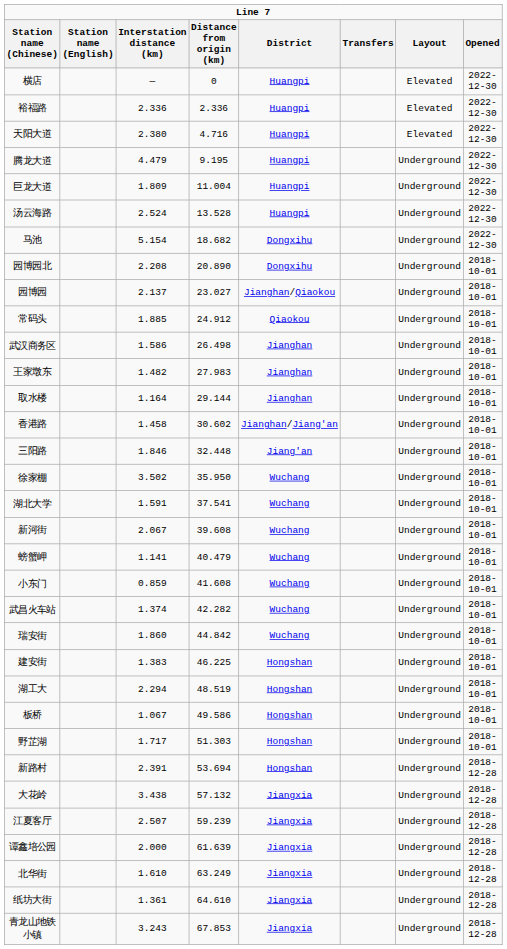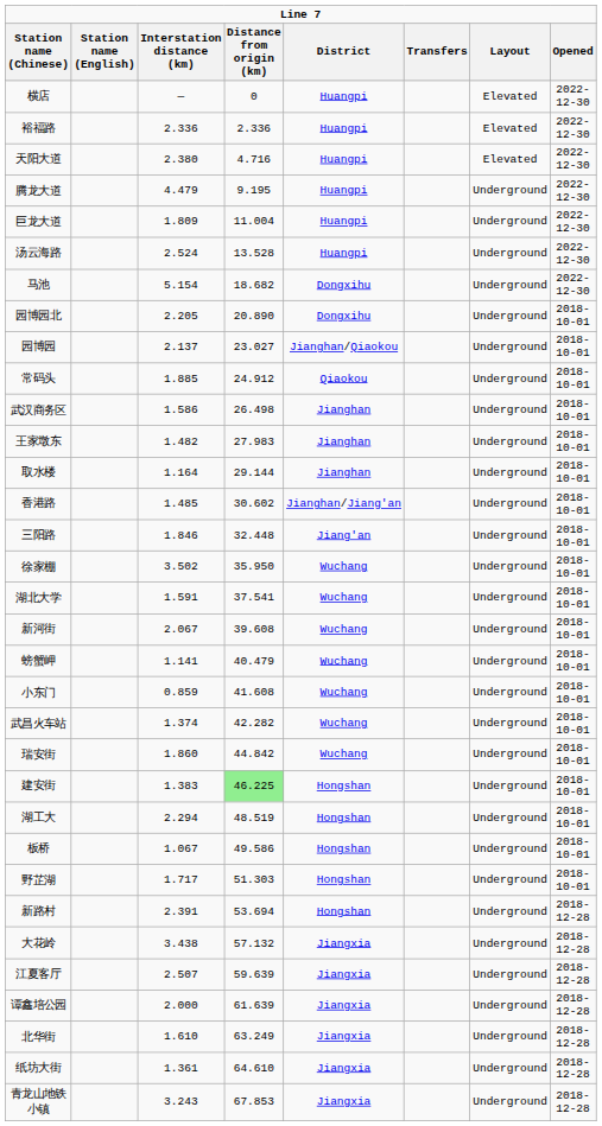 <table class="wikitable" style="width:100%; text-align: center;">
 <tr>
 <td align=center colspan=10><span><strong>Line 7</strong></span></td>
 </tr>
 <tr bgcolor="#CCCCCC">
 <th>Station name<br>(Chinese)</th>
 <th>Station name<br>(English)</th>
 <th>Interstation<br>distance (km)</th>
 <th>Distance<br>from origin (km)</th>
 <th>District</th>
 <th>Transfers</th>
 <th>Layout</th>
 <th>Opened</th>
 </tr>
 <tr>
 <td>横店</td>
 <td></td>
 <td>—</td>
 <td>0</td>
 <td><a href='#'>Huangpi</a></td>
 <td></td>
 <td>Elevated</td>
 <td>2022-12-30</td>
 </tr>
 <tr>
 <td>裕福路</td>
 <td></td>
 <td>2.336</td>
 <td>2.336</td>
 <td><a href='#'>Huangpi</a></td>
 <td></td>
 <td>Elevated</td>
 <td>2022-12-30</td>
 </tr>
 <tr>
 <td>天阳大道</td>
 <td></td>
 <td>2.380</td>
 <td>4.716</td>
 <td><a href='#'>Huangpi</a></td>
 <td></td>
 <td>Elevated</td>
 <td>2022-12-30</td>
 </tr>
 <tr>
 <td>腾龙大道</td>
 <td></td>
 <td>4.479</td>
 <td>9.195</td>
 <td><a href='#'>Huangpi</a></td>
 <td></td>
 <td>Underground</td>
 <td>2022-12-30</td>
 </tr>
 <tr>
 <td>巨龙大道</td>
 <td></td>
 <td>1.809</td>
 <td>11.004</td>
 <td><a href='#'>Huangpi</a></td>
 <td></td>
 <td>Underground</td>
 <td>2022-12-30</td>
 </tr>
 <tr>
 <td>汤云海路</td>
 <td></td>
 <td>2.524</td>
 <td>13.528</td>
 <td><a href='#'>Huangpi</a></td>
 <td></td>
 <td>Underground</td>
 <td>2022-12-30</td>
 </tr>
 <tr>
 <td>马池</td>
 <td></td>
 <td>5.154</td>
 <td>18.682</td>
 <td><a href='#'>Dongxihu</a></td>
 <td></td>
 <td>Underground</td>
 <td>2022-12-30</td>
 </tr>
 <tr>
 <td>园博园北</td>
 <td></td>
-<td>2.208</td>
+<td>2.205</td>
 <td>20.890</td>
 <td><a href='#'>Dongxihu</a></td>
 <td></td>
 <td>Underground</td>
 <td>2018-10-01</td>
 </tr>
 <tr>
 <td>园博园</td>
 <td></td>
 <td>2.137</td>
 <td>23.027</td>
 <td><a href='#'>Jianghan</a>/<a href='#'>Qiaokou</a></td>
 <td></td>
 <td>Underground</td>
 <td>2018-10-01</td>
 </tr>
 <tr>
 <td>常码头</td>
 <td></td>
 <td>1.885</td>
 <td>24.912</td>
 <td><a href='#'>Qiaokou</a></td>
 <td></td>
 <td>Underground</td>
 <td>2018-10-01</td>
 </tr>
 <tr>
 <td>武汉商务区</td>
 <td></td>
 <td>1.586</td>
 <td>26.498</td>
 <td><a href='#'>Jianghan</a></td>
 <td></td>
 <td>Underground</td>
 <td>2018-10-01</td>
 </tr>
 <tr>
 <td>王家墩东</td>
 <td></td>
 <td>1.482</td>
 <td>27.983</td>
 <td><a href='#'>Jianghan</a></td>
 <td></td>
 <td>Underground</td>
 <td>2018-10-01</td>
 </tr>
 <tr>
 <td>取水楼</td>
 <td></td>
 <td>1.164</td>
 <td>29.144</td>
 <td><a href='#'>Jianghan</a></td>
 <td></td>
 <td>Underground</td>
 <td>2018-10-01</td>
 </tr>
 <tr>
 <td>香港路</td>
 <td></td>
-<td>1.458</td>
+<td>1.485</td>
 <td>30.602</td>
 <td><a href='#'>Jianghan</a>/<a href='#'>Jiang'an</a></td>
 <td> </td>
 <td>Underground</td>
 <td>2018-10-01</td>
 </tr>
 <tr>
 <td>三阳路</td>
 <td></td>
 <td>1.846</td>
 <td>32.448</td>
 <td><a href='#'>Jiang'an</a></td>
 <td></td>
 <td>Underground</td>
 <td>2018-10-01</td>
 </tr>
 <tr>
 <td>徐家棚</td>
 <td></td>
 <td>3.502</td>
 <td>35.950</td>
 <td><a href='#'>Wuchang</a></td>
 <td> </td>
 <td>Underground</td>
 <td>2018-10-01</td>
 </tr>
 <tr>
 <td>湖北大学</td>
 <td></td>
 <td>1.591</td>
 <td>37.541</td>
 <td><a href='#'>Wuchang</a></td>
 <td></td>
 <td>Underground</td>
 <td>2018-10-01</td>
 </tr>
 <tr>
 <td>新河街</td>
 <td></td>
 <td>2.067</td>
 <td>39.608</td>
 <td><a href='#'>Wuchang</a></td>
 <td></td>
 <td>Underground</td>
 <td>2018-10-01</td>
 </tr>
 <tr>
 <td>螃蟹岬</td>
 <td></td>
 <td>1.141</td>
 <td>40.479</td>
 <td><a href='#'>Wuchang</a></td>
 <td></td>
 <td>Underground</td>
 <td>2018-10-01</td>
 </tr>
 <tr>
 <td>小东门</td>
 <td></td>
 <td>0.859</td>
 <td>41.608</td>
 <td><a href='#'>Wuchang</a></td>
 <td></td>
 <td>Underground</td>
 <td>2018-10-01</td>
 </tr>
 <tr>
 <td>武昌火车站</td>
 <td></td>
 <td>1.374</td>
 <td>42.282</td>
 <td><a href='#'>Wuchang</a></td>
 <td></td>
 <td>Underground</td>
 <td>2018-10-01</td>
 </tr>
 <tr>
 <td>瑞安街</td>
 <td></td>
 <td>1.860</td>
 <td>44.842</td>
 <td><a href='#'>Wuchang</a></td>
 <td></td>
 <td>Underground</td>
 <td>2018-10-01</td>
 </tr>
 <tr>
 <td>建安街</td>
 <td></td>
 <td>1.383</td>
-<td>46.225</td>
+<td style="background: lightgreen;">46.225</td>
 <td><a href='#'>Hongshan</a></td>
 <td></td>
 <td>Underground</td>
 <td>2018-10-01</td>
 </tr>
 <tr>
 <td>湖工大</td>
 <td><small></small></td>
 <td>2.294</td>
 <td>48.519</td>
 <td><a href='#'>Hongshan</a></td>
 <td></td>
 <td>Underground</td>
 <td>2018-10-01</td>
 </tr>
 <tr>
 <td>板桥</td>
 <td></td>
 <td>1.067</td>
 <td>49.586</td>
 <td><a href='#'>Hongshan</a></td>
 <td></td>
 <td>Underground</td>
 <td>2018-10-01</td>
 </tr>
 <tr>
 <td>野芷湖</td>
 <td></td>
 <td>1.717</td>
 <td>51.303</td>
 <td><a href='#'>Hongshan</a></td>
 <td></td>
 <td>Underground</td>
 <td>2018-10-01</td>
 </tr>
 <tr>
 <td>新路村</td>
 <td></td>
 <td>2.391</td>
 <td>53.694</td>
 <td><a href='#'>Hongshan</a></td>
 <td></td>
 <td>Underground</td>
 <td>2018-12-28</td>
 </tr>
 <tr>
 <td>大花岭</td>
 <td></td>
 <td>3.438</td>
 <td>57.132</td>
 <td><a href='#'>Jiangxia</a></td>
 <td></td>
 <td>Underground</td>
 <td>2018-12-28</td>
 </tr>
 <tr>
 <td>江夏客厅</td>
 <td></td>
 <td>2.507</td>
-<td>59.239</td>
+<td>59.639</td>
 <td><a href='#'>Jiangxia</a></td>
 <td></td>
 <td>Underground</td>
 <td>2018-12-28</td>
 </tr>
 <tr>
 <td>谭鑫培公园</td>
 <td></td>
 <td>2.000</td>
 <td>61.639</td>
 <td><a href='#'>Jiangxia</a></td>
 <td></td>
 <td>Underground</td>
 <td>2018-12-28</td>
 </tr>
 <tr>
 <td>北华街</td>
 <td></td>
 <td>1.610</td>
 <td>63.249</td>
 <td><a href='#'>Jiangxia</a></td>
 <td></td>
 <td>Underground</td>
 <td>2018-12-28</td>
 </tr>
 <tr>
 <td>纸坊大街</td>
 <td></td>
 <td>1.361</td>
 <td>64.610</td>
 <td><a href='#'>Jiangxia</a></td>
 <td></td>
 <td>Underground</td>
 <td>2018-12-28</td>
 </tr>
 <tr>
 <td>青龙山地铁小镇</td>
 <td></td>
 <td>3.243</td>
 <td>67.853</td>
 <td><a href='#'>Jiangxia</a></td>
 <td></td>
 <td>Underground</td>
 <td>2018-12-28</td>
 </tr>
 </table>
